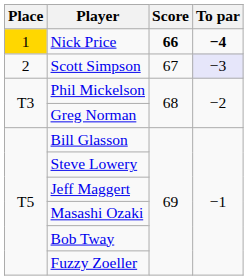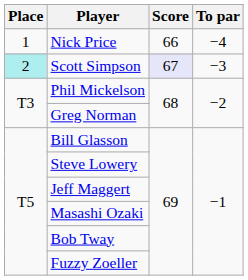 <table class="wikitable">
 <tr>
 <th>Place</th>
 <th>Player</th>
 <th>Score</th>
 <th>To par</th>
 </tr>
 <tr>
-<td align=center style="background: gold;">1</td>
+<td align=center>1</td>
 <td> <a href='#'>Nick Price</a></td>
-<td align=center><strong>66</strong></td>
-<td align=center><strong>−4</strong></td>
+<td align=center>66</td>
+<td align=center>−4</td>
 </tr>
 <tr>
-<td align=center>2</td>
+<td align=center style="background: paleturquoise;">2</td>
 <td> <a href='#'>Scott Simpson</a></td>
-<td align=center>67</td>
-<td align=center style="background: lavender;">−3</td>
+<td align=center style="background: lavender;">67</td>
+<td align=center>−3</td>
 </tr>
 <tr>
 <td rowspan="2" align=center>T3</td>
 <td> <a href='#'>Phil Mickelson</a></td>
 <td rowspan="2" align=center>68</td>
 <td rowspan="2" align=center>−2</td>
 </tr>
 <tr>
 <td> <a href='#'>Greg Norman</a></td>
 </tr>
 <tr>
 <td rowspan="6" align=center>T5</td>
 <td> <a href='#'>Bill Glasson</a></td>
 <td rowspan="6" align=center>69</td>
 <td rowspan="6" align=center>−1</td>
 </tr>
 <tr>
 <td> <a href='#'>Steve Lowery</a></td>
 </tr>
 <tr>
 <td> <a href='#'>Jeff Maggert</a></td>
 </tr>
 <tr>
 <td> <a href='#'>Masashi Ozaki</a></td>
 </tr>
 <tr>
 <td> <a href='#'>Bob Tway</a></td>
 </tr>
 <tr>
 <td> <a href='#'>Fuzzy Zoeller</a></td>
 </tr>
 </table>
